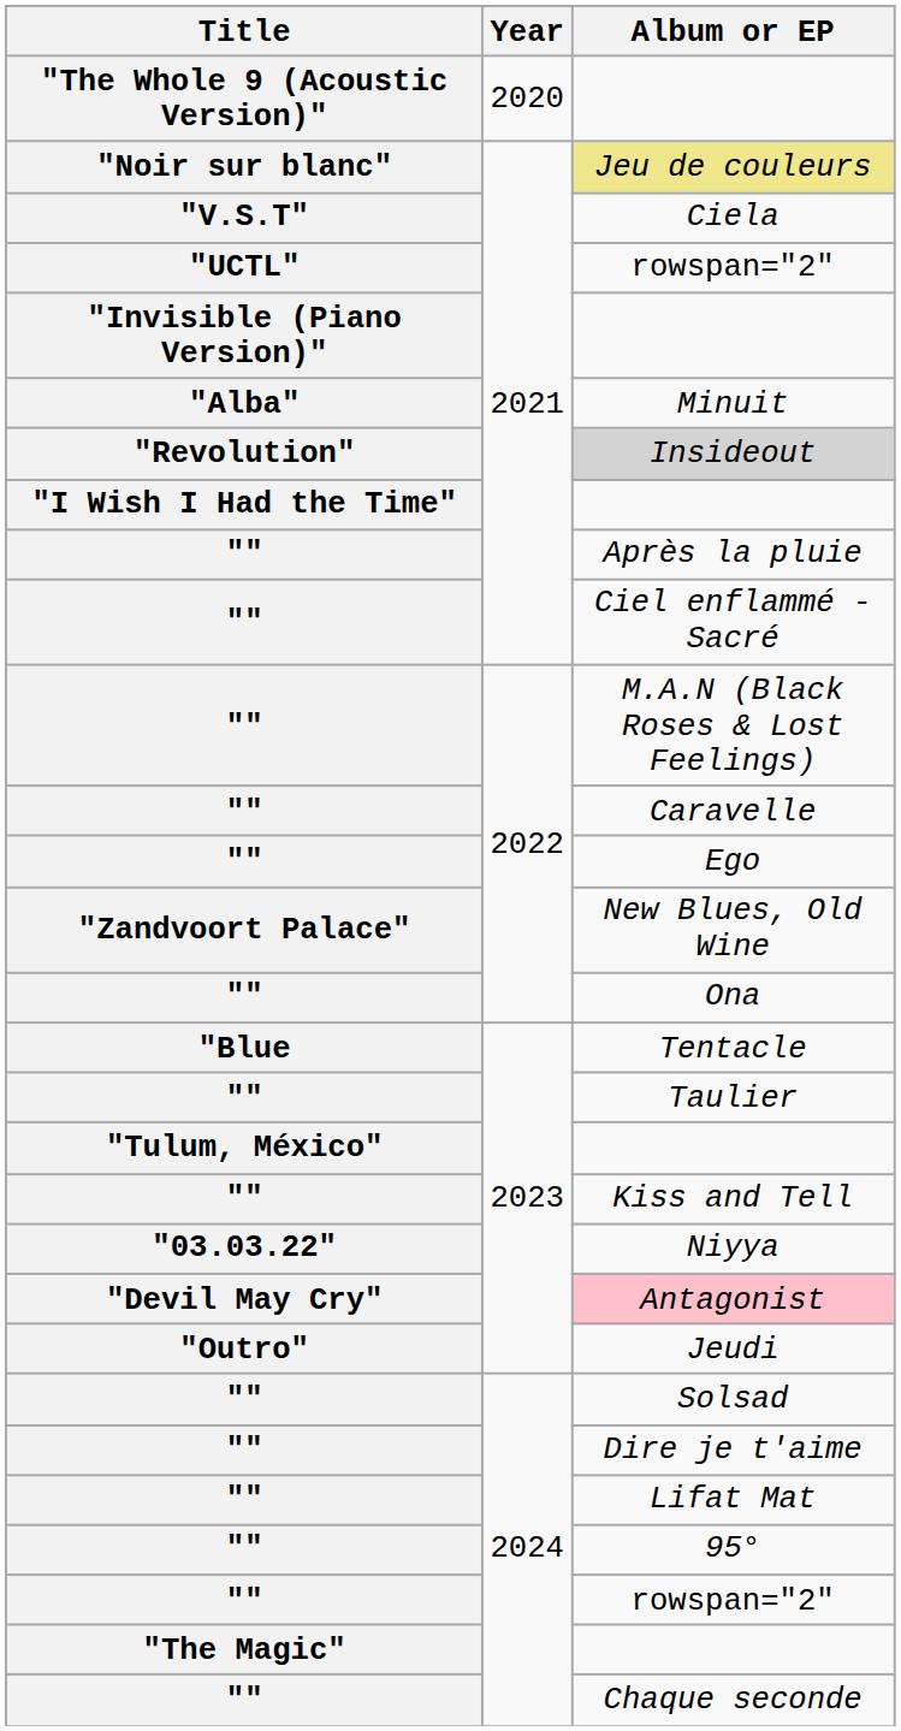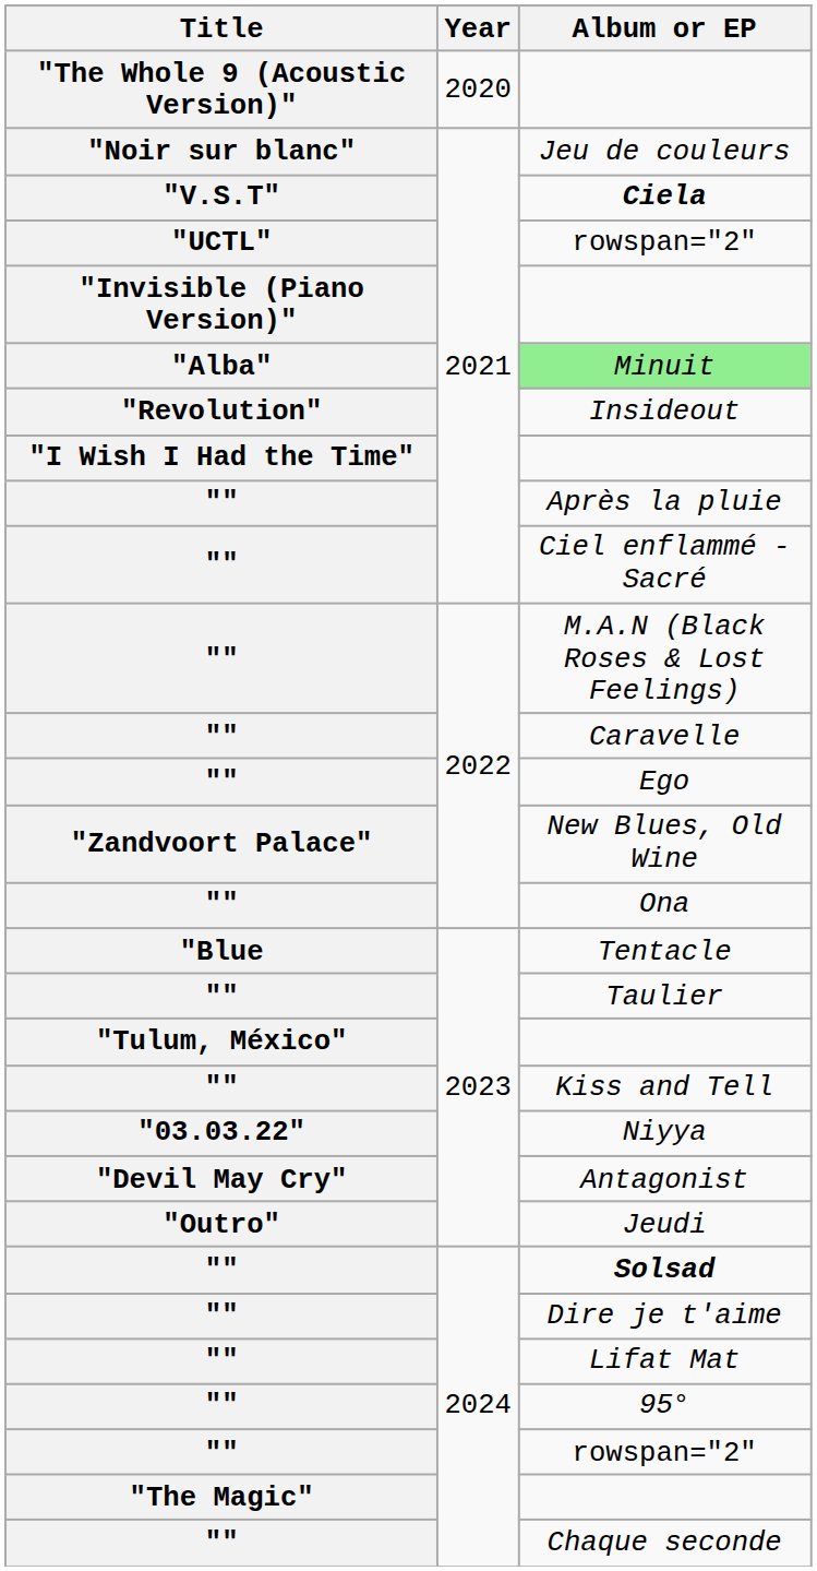 <table class="wikitable plainrowheaders" style="text-align:center;">
 <tr>
 <th scope="col" style="width:15em;">Title</th>
 <th scope="col">Year</th>
 <th scope="col" style="width:10em;">Album or EP</th>
 </tr>
 <tr>
 <th scope="row">"The Whole 9 (Acoustic Version)"<br></th>
 <td>2020</td>
 <td></td>
 </tr>
 <tr>
 <th scope="row">"Noir sur blanc"<br></th>
 <td rowspan="9">2021</td>
-<td style="background: khaki;"><em>Jeu de couleurs</em></td>
+<td><em>Jeu de couleurs</em></td>
 </tr>
 <tr>
 <th scope="row">"V.S.T"<br></th>
-<td><em>Ciela</em></td>
+<td><strong><em>Ciela</em></strong></td>
 </tr>
 <tr>
 <th scope="row">"UCTL"<br></th>
 <td>rowspan="2" </td>
 </tr>
 <tr>
 <th scope="row">"Invisible (Piano Version)"<br></th>
 </tr>
 <tr>
 <th scope="row">"Alba"<br></th>
-<td><em>Minuit</em></td>
+<td style="background: lightgreen;"><em>Minuit</em></td>
 </tr>
 <tr>
 <th scope="row">"Revolution"<br></th>
-<td style="background: lightgrey;"><em>Insideout</em></td>
+<td><em>Insideout</em></td>
 </tr>
 <tr>
 <th scope="row">"I Wish I Had the Time"<br></th>
 <td></td>
 </tr>
 <tr>
 <th scope="row">""<br></th>
 <td><em>Après la pluie</em></td>
 </tr>
 <tr>
 <th scope="row">""<br></th>
 <td><em>Ciel enflammé - Sacré</em></td>
 </tr>
 <tr>
 <th scope="row">""<br></th>
 <td rowspan="5">2022</td>
 <td><em>M.A.N (Black Roses & Lost Feelings)</em></td>
 </tr>
 <tr>
 <th scope="row">""<br></th>
 <td><em>Caravelle</em></td>
 </tr>
 <tr>
 <th scope="row">""<br></th>
 <td><em>Ego</em></td>
 </tr>
 <tr>
 <th scope="row">"Zandvoort Palace"<br></th>
 <td><em>New Blues, Old Wine</em></td>
 </tr>
 <tr>
 <th scope="row">""<br></th>
 <td><em>Ona</em></td>
 </tr>
 <tr>
 <th scope="row">"Blue<br></th>
 <td rowspan="7">2023</td>
 <td><em>Tentacle</em></td>
 </tr>
 <tr>
 <th scope="row">""<br></th>
 <td><em>Taulier</em></td>
 </tr>
 <tr>
 <th scope="row">"Tulum, México"<br></th>
 <td></td>
 </tr>
 <tr>
 <th scope="row">""<br></th>
 <td><em>Kiss and Tell</em></td>
 </tr>
 <tr>
 <th scope="row">"03.03.22"<br></th>
 <td><em>Niyya</em></td>
 </tr>
 <tr>
 <th scope="row">"Devil May Cry"<br></th>
-<td style="background: pink;"><em>Antagonist</em></td>
+<td><em>Antagonist</em></td>
 </tr>
 <tr>
 <th scope="row">"Outro"<br></th>
 <td><em>Jeudi</em></td>
 </tr>
 <tr>
 <th scope="row">""<br></th>
 <td rowspan="9">2024</td>
-<td><em>Solsad</em></td>
+<td><strong><em>Solsad</em></strong></td>
 </tr>
 <tr>
 <th scope="row">""<br></th>
 <td><em>Dire je t'aime</em></td>
 </tr>
 <tr>
 <th scope="row">""<br></th>
 <td><em>Lifat Mat</em></td>
 </tr>
 <tr>
 <th scope="row">""<br></th>
 <td><em>95°</em></td>
 </tr>
 <tr>
 <th scope="row">""<br></th>
 <td>rowspan="2" </td>
 </tr>
 <tr>
 <th scope="row">"The Magic"<br></th>
 </tr>
 <tr>
 <th scope="row">""<br></th>
 <td><em>Chaque seconde</em></td>
 </tr>
 </table>
